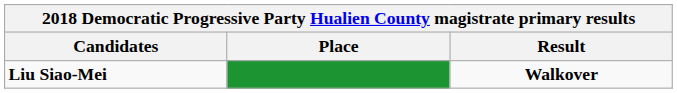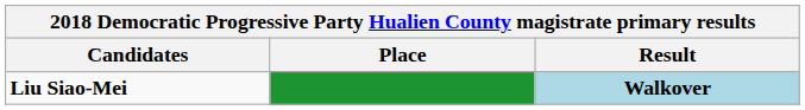 <table class="wikitable collapsible">
 <tr>
 <th colspan="5" width=600>2018 Democratic Progressive Party <a href='#'>Hualien County</a> magistrate primary results</th>
 </tr>
 <tr>
 <th width=80>Candidates</th>
 <th width=80>Place</th>
 <th width=80>Result</th>
 </tr>
 <tr>
 <td><strong>Liu Siao-Mei</strong></td>
 <td style="background: #1B9431; text-align:center"><strong></strong></td>
-<td style="text-align:center"><strong>Walkover</strong></td>
+<td style="background: lightblue; text-align:center"><strong>Walkover</strong></td>
 </tr>
 </table>
